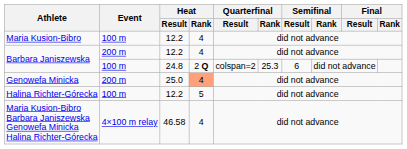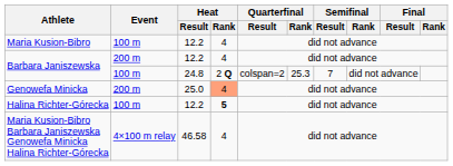 <table class="wikitable" style="font-size:90%">
 <tr>
 <th rowspan="2">Athlete</th>
 <th rowspan="2">Event</th>
 <th colspan="2">Heat</th>
 <th colspan="2">Quarterfinal</th>
 <th colspan="2">Semifinal</th>
 <th colspan="2">Final</th>
 </tr>
 <tr style="font-size:95%">
 <th>Result</th>
 <th>Rank</th>
 <th>Result</th>
 <th>Rank</th>
 <th>Result</th>
 <th>Rank</th>
 <th>Result</th>
 <th>Rank</th>
 </tr>
 <tr align=center>
 <td align=left><a href='#'>Maria Kusion-Bibro</a></td>
 <td align=left><a href='#'>100 m</a></td>
 <td>12.2</td>
 <td>4</td>
 <td colspan=6>did not advance</td>
 </tr>
 <tr align=center>
 <td align=left rowspan=2><a href='#'>Barbara Janiszewska</a></td>
 <td align=left><a href='#'>200 m</a></td>
 <td>12.2</td>
 <td>4</td>
 <td colspan=6>did not advance</td>
 </tr>
 <tr align=center>
 <td align=left><a href='#'>100 m</a></td>
 <td>24.8</td>
 <td>2 <strong>Q</strong></td>
 <td>colspan=2 </td>
 <td>25.3</td>
-<td>6</td>
+<td>7</td>
 <td colspan=2>did not advance</td>
 </tr>
 <tr align=center>
 <td align=left><a href='#'>Genowefa Minicka</a></td>
 <td align=left><a href='#'>200 m</a></td>
 <td>25.0</td>
 <td style="background: lightsalmon;">4</td>
 <td colspan=6>did not advance</td>
 </tr>
 <tr align=center>
 <td align=left><a href='#'>Halina Richter-Górecka</a></td>
 <td align=left><a href='#'>100 m</a></td>
 <td>12.2</td>
-<td>5</td>
+<td><strong>5</strong></td>
 <td colspan=6>did not advance</td>
 </tr>
 <tr align=center>
 <td align=left><a href='#'>Maria Kusion-Bibro</a><br><a href='#'>Barbara Janiszewska</a><br><a href='#'>Genowefa Minicka</a><br><a href='#'>Halina Richter-Górecka</a></td>
 <td align=left><a href='#'>4×100 m relay</a></td>
 <td>46.58</td>
 <td>4</td>
 <td colspan=6>did not advance</td>
 </tr>
 </table>
